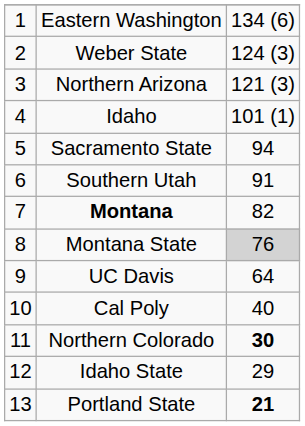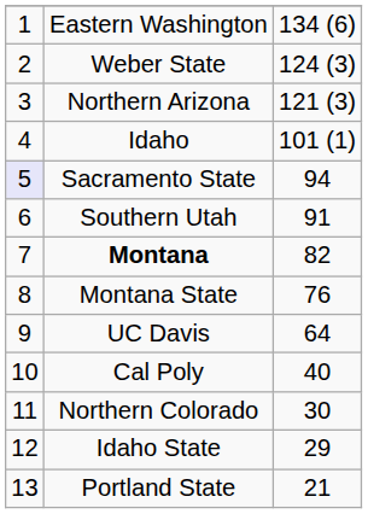 <table class="wikitable" style="display: inline-table;">
 <tr align="center">
 </tr>
 <tr align="center">
 <td>1</td>
 <td>Eastern Washington</td>
 <td>134 (6)</td>
 </tr>
 <tr align="center">
 <td>2</td>
 <td>Weber State</td>
 <td>124 (3)</td>
 </tr>
 <tr align="center">
 <td>3</td>
 <td>Northern Arizona</td>
 <td>121 (3)</td>
 </tr>
 <tr align="center">
 <td>4</td>
 <td>Idaho</td>
 <td>101 (1)</td>
 </tr>
 <tr align="center">
-<td>5</td>
+<td style="background: lavender;">5</td>
 <td>Sacramento State</td>
 <td>94</td>
 </tr>
 <tr align="center">
 <td>6</td>
 <td>Southern Utah</td>
 <td>91</td>
 </tr>
 <tr align="center">
 <td>7</td>
 <td><strong>Montana</strong></td>
 <td>82</td>
 </tr>
 <tr align="center">
 <td>8</td>
 <td>Montana State</td>
-<td style="background: lightgrey;">76</td>
+<td>76</td>
 </tr>
 <tr align="center">
 <td>9</td>
 <td>UC Davis</td>
 <td>64</td>
 </tr>
 <tr align="center">
 <td>10</td>
 <td>Cal Poly</td>
 <td>40</td>
 </tr>
 <tr align="center">
 <td>11</td>
 <td>Northern Colorado</td>
-<td><strong>30</strong></td>
+<td>30</td>
 </tr>
 <tr align="center">
 <td>12</td>
 <td>Idaho State</td>
 <td>29</td>
 </tr>
 <tr align="center">
 <td>13</td>
 <td>Portland State</td>
-<td><strong>21</strong></td>
+<td>21</td>
 </tr>
 </table>
